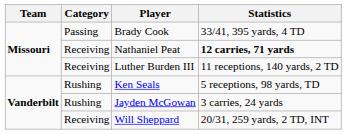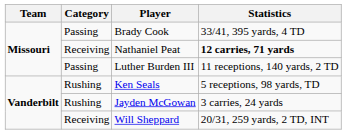 <table class="wikitable" style="float: right;">
 <tr>
 <th>Team</th>
 <th>Category</th>
 <th>Player</th>
 <th>Statistics</th>
 </tr>
 <tr>
 <td rowspan=3><strong>Missouri</strong></td>
 <td>Passing</td>
 <td>Brady Cook</td>
 <td>33/41, 395 yards, 4 TD</td>
 </tr>
 <tr>
 <td>Receiving</td>
 <td>Nathaniel Peat</td>
 <td><strong>12 carries, 71 yards</strong></td>
 </tr>
 <tr>
-<td>Receiving</td>
+<td>Passing</td>
 <td>Luther Burden III</td>
 <td>11 receptions, 140 yards, 2 TD</td>
 </tr>
 <tr>
 <td rowspan=3><strong>Vanderbilt</strong></td>
 <td>Rushing</td>
 <td><a href='#'>Ken Seals</a></td>
 <td>5 receptions, 98 yards, TD</td>
 </tr>
 <tr>
 <td>Rushing</td>
 <td><a href='#'>Jayden McGowan</a></td>
 <td>3 carries, 24 yards</td>
 </tr>
 <tr>
 <td>Receiving</td>
 <td><a href='#'>Will Sheppard</a></td>
 <td>20/31, 259 yards, 2 TD, INT</td>
 </tr>
 </table>
